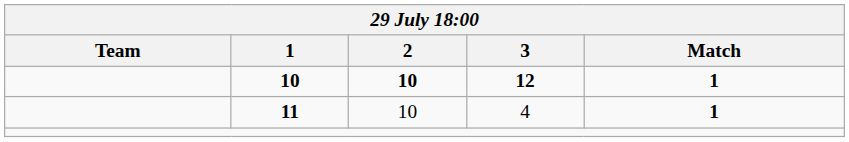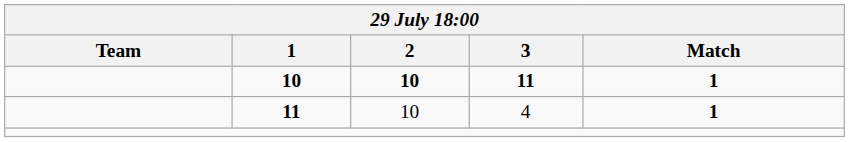 <table class=wikitable style="text-align:center; width: 55%">
 <tr>
 <th colspan=10><em>29 July 18:00</em></th>
 </tr>
 <tr>
 <th>Team</th>
 <th>1</th>
 <th>2</th>
 <th>3</th>
 <th>Match</th>
 </tr>
 <tr>
 <td align=left><strong><br></strong></td>
 <td><strong>10</strong></td>
 <td><strong>10</strong></td>
-<td><strong>12</strong></td>
+<td><strong>11</strong></td>
 <td><strong>1</strong></td>
 </tr>
 <tr>
 <td align=left><br></td>
 <td><strong>11</strong></td>
 <td>10</td>
 <td>4</td>
 <td><strong>1</strong></td>
 </tr>
 <tr>
 <td colspan=10></td>
 </tr>
 </table>
